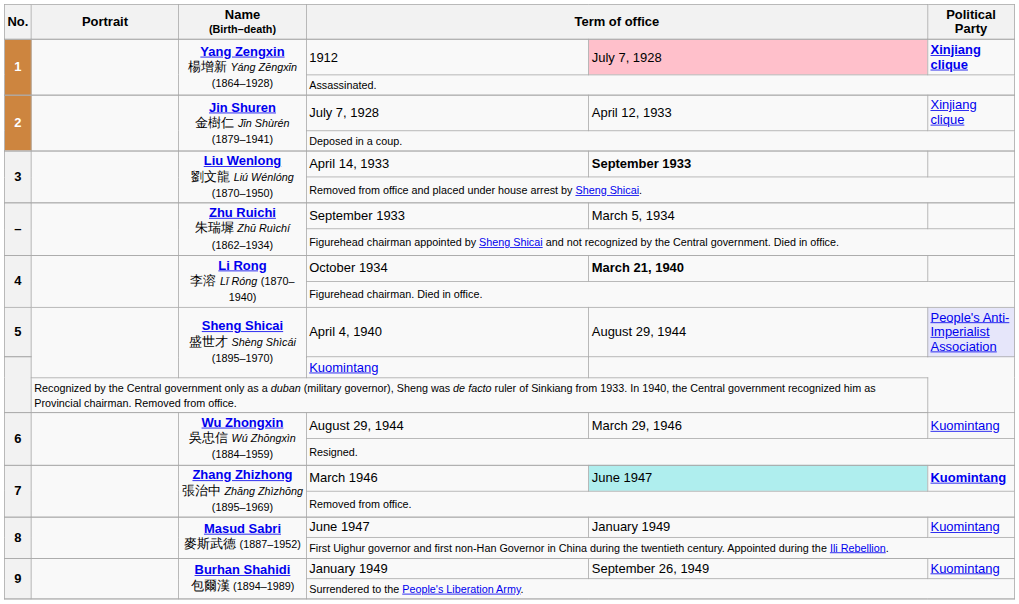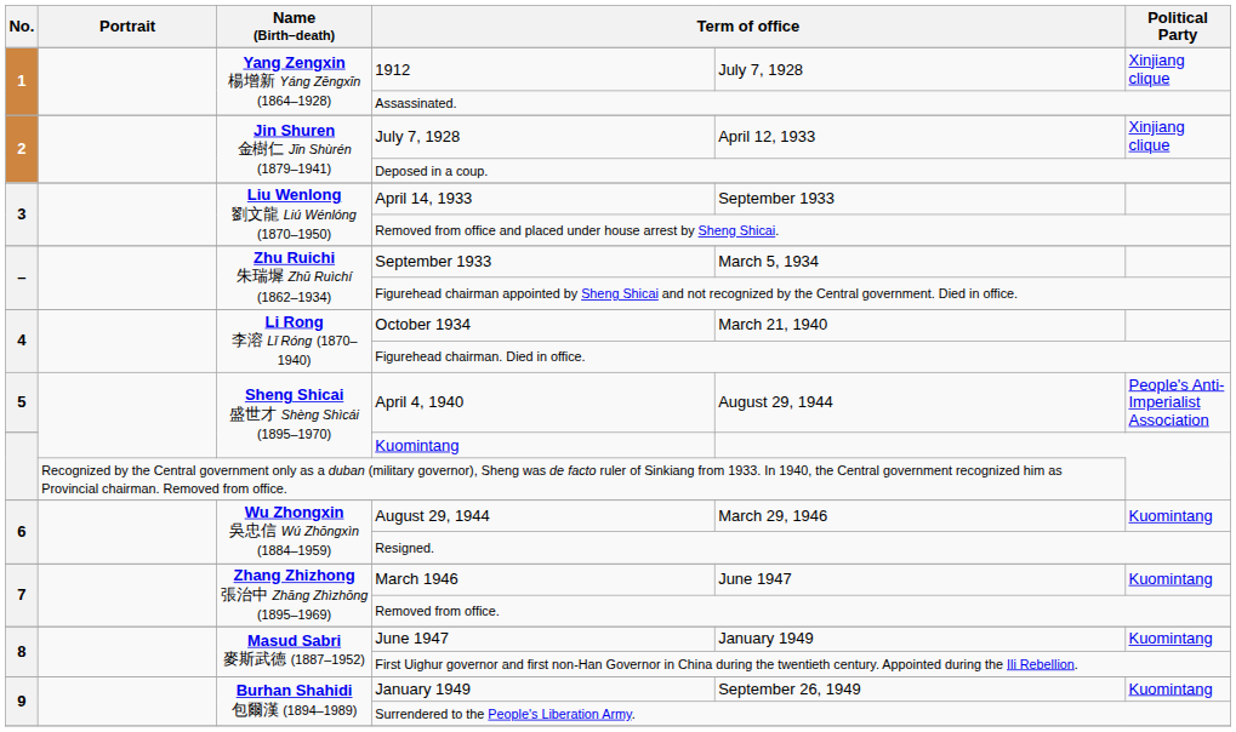 <table class="wikitable">
 <tr>
 <th>No.</th>
 <th>Portrait</th>
 <th width="150px">Name<br><small>(Birth–death)</small></th>
 <th colspan="2" width="200px">Term of office</th>
 <th width="100px">Political Party</th>
 </tr>
 <tr>
 </tr>
 <tr>
 <th rowspan="2" style="background-color:#CD853F; color:white;">1</th>
 <td rowspan="2" align="center"></td>
 <td rowspan="2" align="center"><strong><a href='#'>Yang Zengxin</a></strong><br><span>楊增新</span> <small><em>Yáng Zēngxīn</em></small> <small>(1864–1928)</small></td>
 <td>1912</td>
-<td style="background: pink;">July 7, 1928</td>
-<td><strong><a href='#'>Xinjiang clique</a></strong></td>
+<td>July 7, 1928</td>
+<td><a href='#'>Xinjiang clique</a></td>
 </tr>
 <tr>
 <td colspan="4"><small>Assassinated.</small></td>
 </tr>
 <tr>
 </tr>
 <tr>
 <th rowspan="2" style="background-color:#CD853F; color:white;">2</th>
 <td rowspan="2" align="center"></td>
 <td rowspan="2" align="center"><strong><a href='#'>Jin Shuren</a></strong><br><span>金樹仁</span> <small><em>Jīn Shùrén</em></small> <small>(1879–1941)</small></td>
 <td>July 7, 1928</td>
 <td>April 12, 1933</td>
 <td><a href='#'>Xinjiang clique</a></td>
 </tr>
 <tr>
 <td colspan="4"><small>Deposed in a coup.</small></td>
 </tr>
 <tr>
 </tr>
 <tr>
 <th rowspan="2" style="background-color:">3</th>
 <td rowspan="2" align="center"></td>
 <td rowspan="2" align="center"><strong><a href='#'>Liu Wenlong</a></strong><br><span>劉文龍</span> <small><em>Liú Wénlóng</em></small> <small>(1870–1950)</small></td>
 <td>April 14, 1933</td>
-<td><strong>September 1933</strong></td>
+<td>September 1933</td>
 <td></td>
 </tr>
 <tr>
 <td colspan="4"><small>Removed from office and placed under house arrest by <a href='#'>Sheng Shicai</a>.</small></td>
 </tr>
 <tr>
 </tr>
 <tr>
 <th rowspan="2" style="background-color:">–</th>
 <td rowspan="2" align="center"></td>
 <td rowspan="2" align="center"><strong><a href='#'>Zhu Ruichi</a></strong><br><span>朱瑞墀</span> <small><em>Zhū Ruìchí</em></small> <small>(1862–1934)</small></td>
 <td>September 1933</td>
 <td>March 5, 1934</td>
 <td></td>
 </tr>
 <tr>
 <td colspan="4"><small>Figurehead chairman appointed by <a href='#'>Sheng Shicai</a> and not recognized by the Central government. Died in office.</small></td>
 </tr>
 <tr>
 </tr>
 <tr>
 <th rowspan="2" style="background-color:">4</th>
 <td rowspan="2" align="center"></td>
 <td rowspan="2" align="center"><strong><a href='#'>Li Rong</a></strong><br><span>李溶</span> <small><em>Lǐ Róng</em></small> <small>(1870–1940)</small></td>
 <td>October 1934</td>
-<td><strong>March 21, 1940</strong></td>
+<td>March 21, 1940</td>
 <td></td>
 </tr>
 <tr>
 <td colspan="4"><small>Figurehead chairman. Died in office.</small></td>
 </tr>
 <tr>
 <th style="background-color:">5</th>
 <td rowspan="3" align="center"></td>
 <td rowspan="3" align="center"><strong><a href='#'>Sheng Shicai</a></strong><br><span>盛世才</span> <small><em>Shèng Shìcái</em></small> <small>(1895–1970)</small></td>
 <td rowspan="2">April 4, 1940</td>
 <td rowspan="2">August 29, 1944</td>
-<td style="background: lavender;"><a href='#'>People's Anti-Imperialist Association</a></td>
+<td><a href='#'>People's Anti-Imperialist Association</a></td>
 </tr>
 <tr>
 </tr>
 <tr>
 <th rowspan="2" style="background-color:"></th>
 <td><a href='#'>Kuomintang</a></td>
 </tr>
 <tr>
 <td colspan="4"><small>Recognized by the Central government only as a <em>duban</em> (military governor), Sheng was <em>de facto</em> ruler of Sinkiang from 1933. In 1940, the Central government recognized him as Provincial chairman. Removed from office.</small></td>
 </tr>
 <tr>
 </tr>
 <tr>
 <th rowspan="2" style="background-color:">6</th>
 <td rowspan="2" align="center"></td>
 <td rowspan="2" align="center"><strong><a href='#'>Wu Zhongxin</a></strong><br><span>吳忠信</span> <small><em>Wú Zhōngxìn</em></small> <small>(1884–1959)</small></td>
 <td>August 29, 1944</td>
 <td>March 29, 1946</td>
 <td><a href='#'>Kuomintang</a></td>
 </tr>
 <tr>
 <td colspan="4"><small>Resigned.</small></td>
 </tr>
 <tr>
 </tr>
 <tr>
 <th rowspan="2" style="background-color:">7</th>
 <td rowspan="2" align="center"></td>
 <td rowspan="2" align="center"><strong><a href='#'>Zhang Zhizhong</a></strong><br><span>張治中</span> <small><em>Zhāng Zhìzhōng</em></small> <small>(1895–1969)</small></td>
 <td>March 1946</td>
-<td style="background: paleturquoise;">June 1947</td>
-<td><strong><a href='#'>Kuomintang</a></strong></td>
+<td>June 1947</td>
+<td><a href='#'>Kuomintang</a></td>
 </tr>
 <tr>
 <td colspan="4"><small>Removed from office.</small></td>
 </tr>
 <tr>
 </tr>
 <tr>
 <th rowspan="2" style="background-color:">8</th>
 <td rowspan="2" align="center"></td>
 <td rowspan="2" align="center"><strong><a href='#'>Masud Sabri</a></strong><br><span>麥斯武德</span> <small></small> <small>(1887–1952)</small></td>
 <td>June 1947</td>
 <td>January 1949</td>
 <td><a href='#'>Kuomintang</a></td>
 </tr>
 <tr>
 <td colspan="4"><small>First Uighur governor and first non-Han Governor in China during the twentieth century. Appointed during the <a href='#'>Ili Rebellion</a>.</small></td>
 </tr>
 <tr>
 </tr>
 <tr>
 <th rowspan="2" style="background-color:">9</th>
 <td rowspan="2" align="center"></td>
 <td rowspan="2" align="center"><strong><a href='#'>Burhan Shahidi</a></strong><br><span>包爾漢</span> <small></small> <small>(1894–1989)</small></td>
 <td>January 1949</td>
 <td>September 26, 1949</td>
 <td><a href='#'>Kuomintang</a></td>
 </tr>
 <tr>
 <td colspan="4"><small>Surrendered to the <a href='#'>People's Liberation Army</a>.</small></td>
 </tr>
 <tr>
 </tr>
 </table>
